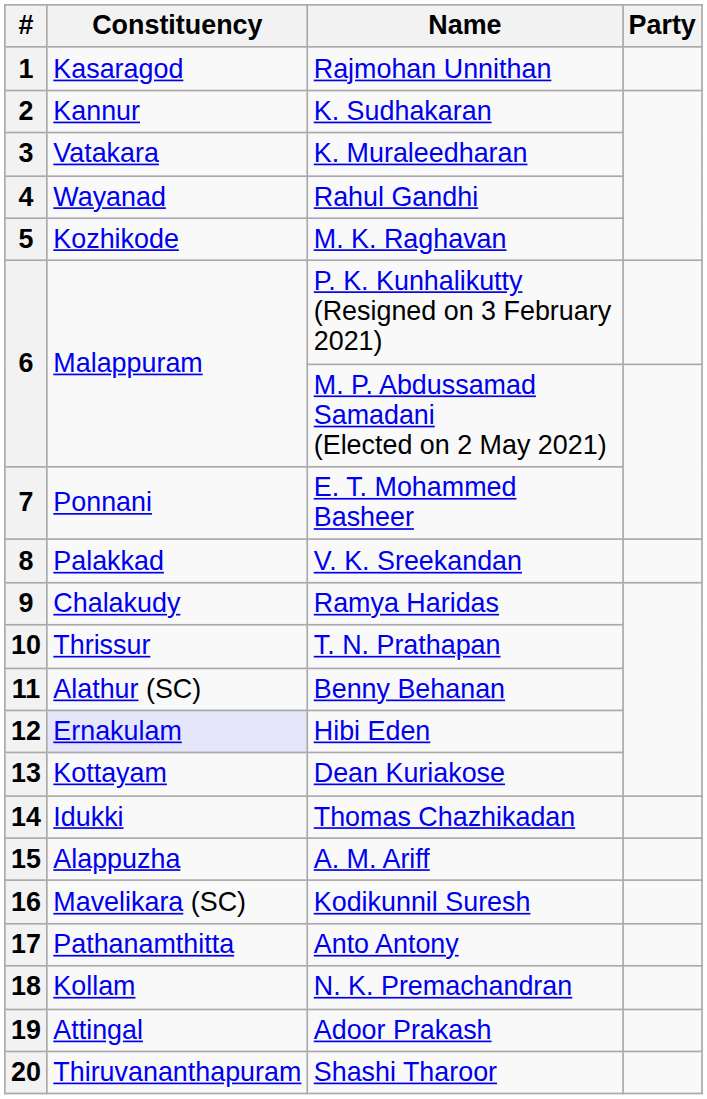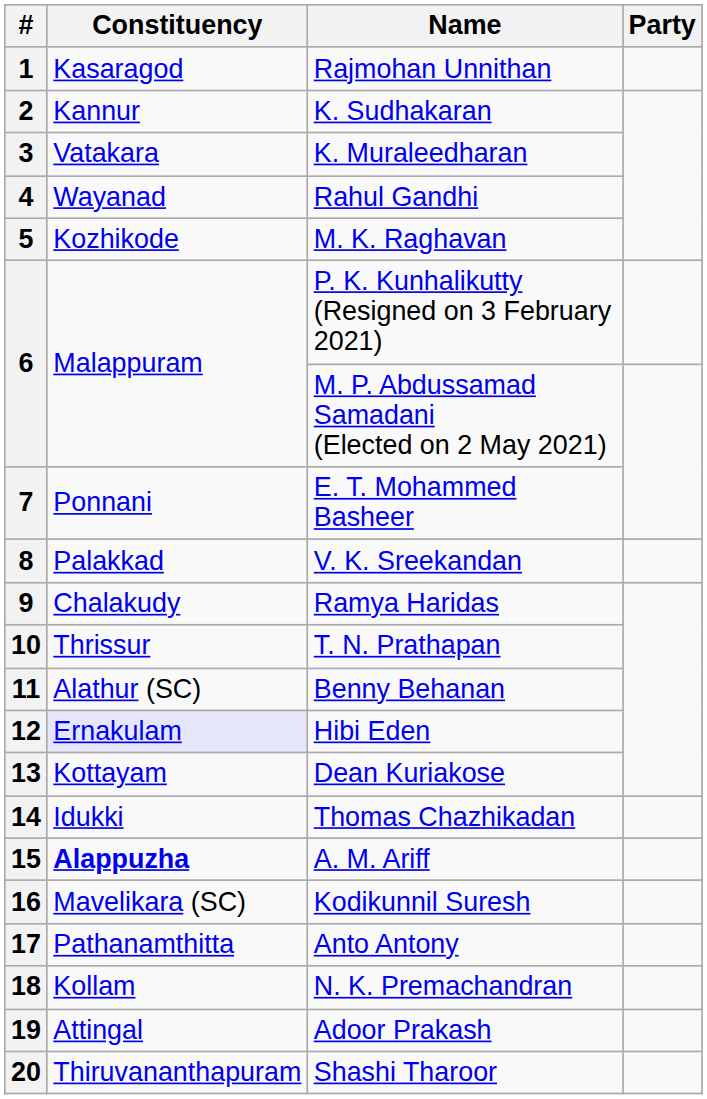 <table class="wikitable sortable">
 <tr>
 <th>#</th>
 <th style="width:120px">Constituency</th>
 <th style="width:180px">Name</th>
 <th colspan=2>Party</th>
 </tr>
 <tr>
 <th>1</th>
 <td><a href='#'>Kasaragod</a></td>
 <td><a href='#'>Rajmohan Unnithan</a></td>
 <td></td>
 </tr>
 <tr>
 <th>2</th>
 <td><a href='#'>Kannur</a></td>
 <td><a href='#'>K. Sudhakaran</a></td>
 </tr>
 <tr>
 <th>3</th>
 <td><a href='#'>Vatakara</a></td>
 <td><a href='#'>K. Muraleedharan</a></td>
 </tr>
 <tr>
 <th>4</th>
 <td><a href='#'>Wayanad</a></td>
 <td><a href='#'>Rahul Gandhi</a></td>
 </tr>
 <tr>
 <th>5</th>
 <td><a href='#'>Kozhikode</a></td>
 <td><a href='#'>M. K. Raghavan</a></td>
 </tr>
 <tr>
 <th rowspan="2">6</th>
 <td rowspan="2"><a href='#'>Malappuram</a></td>
 <td><a href='#'>P. K. Kunhalikutty</a><br>(Resigned on 3 February 2021)</td>
 <td></td>
 </tr>
 <tr>
 <td><a href='#'>M. P. Abdussamad Samadani</a><br>(Elected on 2 May 2021)</td>
 </tr>
 <tr>
 <th>7</th>
 <td><a href='#'>Ponnani</a></td>
 <td><a href='#'>E. T. Mohammed Basheer</a></td>
 </tr>
 <tr>
 <th>8</th>
 <td><a href='#'>Palakkad</a></td>
 <td><a href='#'>V. K. Sreekandan</a></td>
 <td></td>
 </tr>
 <tr>
 <th>9</th>
 <td><a href='#'>Chalakudy</a></td>
 <td><a href='#'>Ramya Haridas</a></td>
 </tr>
 <tr>
 <th>10</th>
 <td><a href='#'>Thrissur</a></td>
 <td><a href='#'>T. N. Prathapan</a></td>
 </tr>
 <tr>
 <th>11</th>
 <td><a href='#'>Alathur</a> (SC)</td>
 <td><a href='#'>Benny Behanan</a></td>
 </tr>
 <tr>
 <th>12</th>
 <td style="background: lavender;"><a href='#'>Ernakulam</a></td>
 <td><a href='#'>Hibi Eden</a></td>
 </tr>
 <tr>
 <th>13</th>
 <td><a href='#'>Kottayam</a></td>
 <td><a href='#'>Dean Kuriakose</a></td>
 </tr>
 <tr>
 <th>14</th>
 <td><a href='#'>Idukki</a></td>
 <td><a href='#'>Thomas Chazhikadan</a></td>
 <td></td>
 </tr>
 <tr>
 <th>15</th>
-<td><a href='#'>Alappuzha</a></td>
+<td><strong><a href='#'>Alappuzha</a></strong></td>
 <td><a href='#'>A. M. Ariff</a></td>
 <td></td>
 </tr>
 <tr>
 <th>16</th>
 <td><a href='#'>Mavelikara</a> (SC)</td>
 <td><a href='#'>Kodikunnil Suresh</a></td>
 <td></td>
 </tr>
 <tr>
 <th>17</th>
 <td><a href='#'>Pathanamthitta</a></td>
 <td><a href='#'>Anto Antony</a></td>
 </tr>
 <tr>
 <th>18</th>
 <td><a href='#'>Kollam</a></td>
 <td><a href='#'>N. K. Premachandran</a></td>
 <td></td>
 </tr>
 <tr>
 <th>19</th>
 <td><a href='#'>Attingal</a></td>
 <td><a href='#'>Adoor Prakash</a></td>
 <td></td>
 </tr>
 <tr>
 <th>20</th>
 <td><a href='#'>Thiruvananthapuram</a></td>
 <td><a href='#'>Shashi Tharoor</a></td>
 </tr>
 </table>
